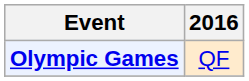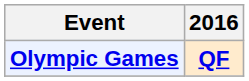 <table class="wikitable" style="font-size: 90%; text-align:center">
 <tr>
 <th>Event</th>
 <th>2016</th>
 </tr>
 <tr>
 <td bgcolor="#ECF2FF"; align="left"><strong><a href='#'>Olympic Games</a></strong></td>
-<td bgcolor=FFEBCD><a href='#'>QF</a></td>
+<td bgcolor=FFEBCD><strong><a href='#'>QF</a></strong></td>
 </tr>
 </table>
